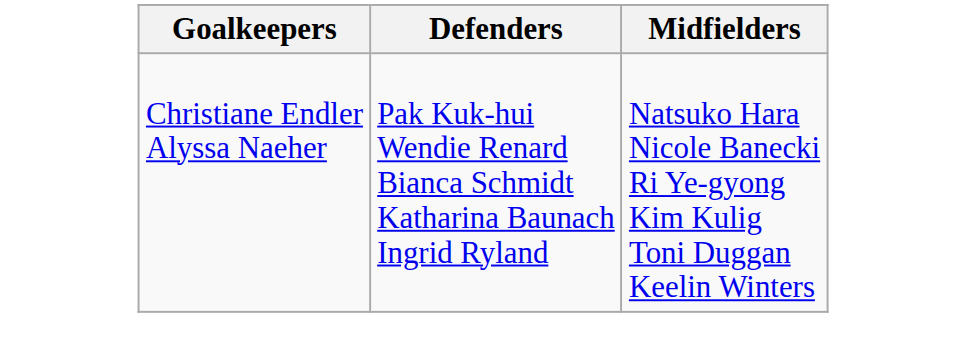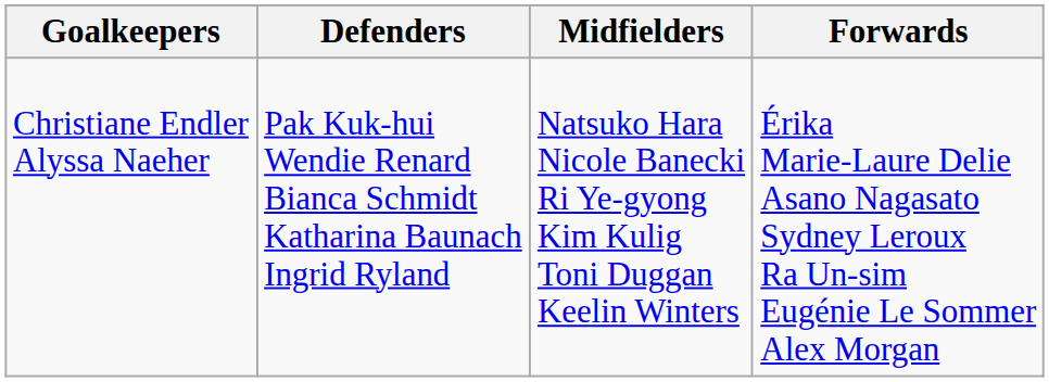 <table class="wikitable" style="margin: 0 auto;">
 <tr>
 <th>Goalkeepers</th>
 <th>Defenders</th>
 <th>Midfielders</th>
+<th>Forwards</th>
 </tr>
 <tr>
 <td valign="top"><br> <a href='#'>Christiane Endler</a> <br>  <a href='#'>Alyssa Naeher</a></td>
 <td valign="top"><br> <a href='#'>Pak Kuk-hui</a> <br>  <a href='#'>Wendie Renard</a> <br>  <a href='#'>Bianca Schmidt</a> <br>  <a href='#'>Katharina Baunach</a> <br>  <a href='#'>Ingrid Ryland</a> <br></td>
 <td valign="top"><br> <a href='#'>Natsuko Hara</a>  <br>  <a href='#'>Nicole Banecki</a> <br>  <a href='#'>Ri Ye-gyong</a> <br>  <a href='#'>Kim Kulig</a> <br>  <a href='#'>Toni Duggan</a> <br>  <a href='#'>Keelin Winters</a><br></td>
+<td valign="top"><br> <a href='#'>Érika</a> <br>  <a href='#'>Marie-Laure Delie</a> <br>  <a href='#'>Asano Nagasato</a> <br>  <a href='#'>Sydney Leroux</a> <br>  <a href='#'>Ra Un-sim</a> <br>  <a href='#'>Eugénie Le Sommer</a> <br>  <a href='#'>Alex Morgan</a> <br></td>
 </tr>
 </table>
